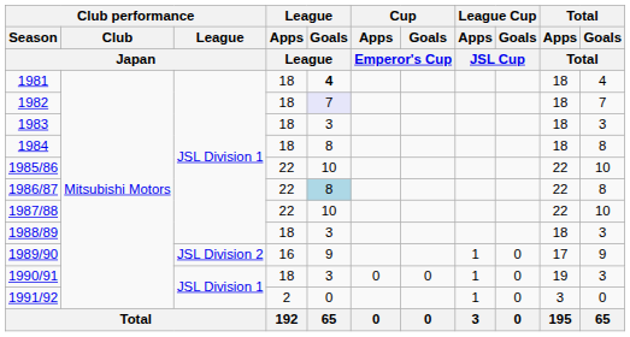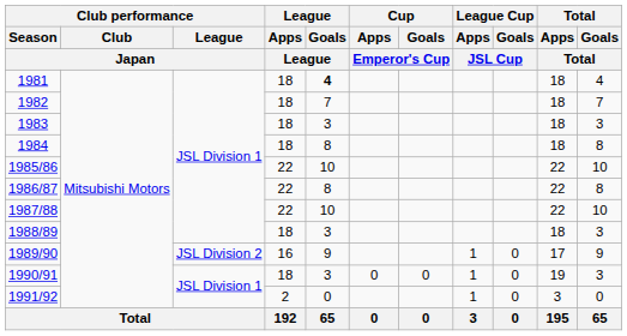 <table class="wikitable" style="text-align:center;">
 <tr>
 <th colspan=3>Club performance</th>
 <th colspan=2>League</th>
 <th colspan=2>Cup</th>
 <th colspan=2>League Cup</th>
 <th colspan=2>Total</th>
 </tr>
 <tr>
 <th>Season</th>
 <th>Club</th>
 <th>League</th>
 <th>Apps</th>
 <th>Goals</th>
 <th>Apps</th>
 <th>Goals</th>
 <th>Apps</th>
 <th>Goals</th>
 <th>Apps</th>
 <th>Goals</th>
 </tr>
 <tr>
 <th colspan=3>Japan</th>
 <th colspan=2>League</th>
 <th colspan=2><a href='#'>Emperor's Cup</a></th>
 <th colspan=2><a href='#'>JSL Cup</a></th>
 <th colspan=2>Total</th>
 </tr>
 <tr>
 <td><a href='#'>1981</a></td>
 <td rowspan="11"><a href='#'>Mitsubishi Motors</a></td>
 <td rowspan="8"><a href='#'>JSL Division 1</a></td>
 <td>18</td>
 <td><strong>4</strong></td>
 <td></td>
 <td></td>
 <td></td>
 <td></td>
 <td>18</td>
 <td>4</td>
 </tr>
 <tr>
 <td><a href='#'>1982</a></td>
 <td>18</td>
-<td style="background: lavender;">7</td>
+<td>7</td>
 <td></td>
 <td></td>
 <td></td>
 <td></td>
 <td>18</td>
 <td>7</td>
 </tr>
 <tr>
 <td><a href='#'>1983</a></td>
 <td>18</td>
 <td>3</td>
 <td></td>
 <td></td>
 <td></td>
 <td></td>
 <td>18</td>
 <td>3</td>
 </tr>
 <tr>
 <td><a href='#'>1984</a></td>
 <td>18</td>
 <td>8</td>
 <td></td>
 <td></td>
 <td></td>
 <td></td>
 <td>18</td>
 <td>8</td>
 </tr>
 <tr>
 <td><a href='#'>1985/86</a></td>
 <td>22</td>
 <td>10</td>
 <td></td>
 <td></td>
 <td></td>
 <td></td>
 <td>22</td>
 <td>10</td>
 </tr>
 <tr>
 <td><a href='#'>1986/87</a></td>
 <td>22</td>
-<td style="background: lightblue;">8</td>
+<td>8</td>
 <td></td>
 <td></td>
 <td></td>
 <td></td>
 <td>22</td>
 <td>8</td>
 </tr>
 <tr>
 <td><a href='#'>1987/88</a></td>
 <td>22</td>
 <td>10</td>
 <td></td>
 <td></td>
 <td></td>
 <td></td>
 <td>22</td>
 <td>10</td>
 </tr>
 <tr>
 <td><a href='#'>1988/89</a></td>
 <td>18</td>
 <td>3</td>
 <td></td>
 <td></td>
 <td></td>
 <td></td>
 <td>18</td>
 <td>3</td>
 </tr>
 <tr>
 <td><a href='#'>1989/90</a></td>
 <td><a href='#'>JSL Division 2</a></td>
 <td>16</td>
 <td>9</td>
 <td></td>
 <td></td>
 <td>1</td>
 <td>0</td>
 <td>17</td>
 <td>9</td>
 </tr>
 <tr>
 <td><a href='#'>1990/91</a></td>
 <td rowspan="2"><a href='#'>JSL Division 1</a></td>
 <td>18</td>
 <td>3</td>
 <td>0</td>
 <td>0</td>
 <td>1</td>
 <td>0</td>
 <td>19</td>
 <td>3</td>
 </tr>
 <tr>
 <td><a href='#'>1991/92</a></td>
 <td>2</td>
 <td>0</td>
 <td></td>
 <td></td>
 <td>1</td>
 <td>0</td>
 <td>3</td>
 <td>0</td>
 </tr>
 <tr>
 <th colspan=3>Total</th>
 <th>192</th>
 <th>65</th>
 <th>0</th>
 <th>0</th>
 <th>3</th>
 <th>0</th>
 <th>195</th>
 <th>65</th>
 </tr>
 </table>
